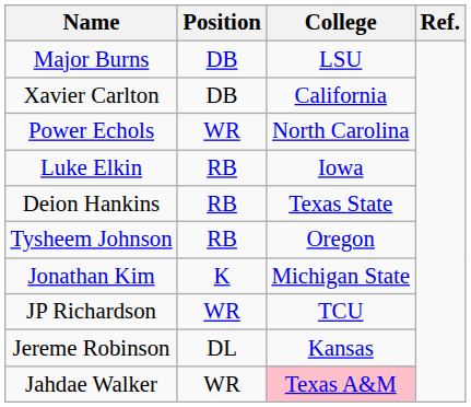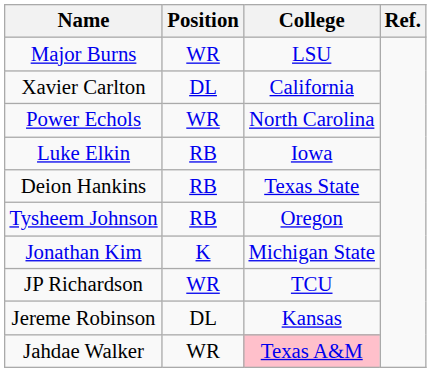 <table class="wikitable" style="text-align:center">
 <tr>
 <th>Name</th>
 <th>Position</th>
 <th>College</th>
 <th>Ref.</th>
 </tr>
 <tr>
 <td><a href='#'>Major Burns</a></td>
-<td><a href='#'>DB</a></td>
+<td><a href='#'>WR</a></td>
 <td><a href='#'>LSU</a></td>
 <td rowspan="10" style="text-align:center"></td>
 </tr>
 <tr>
 <td>Xavier Carlton</td>
-<td>DB</td>
+<td><a href='#'>DL</a></td>
 <td><a href='#'>California</a></td>
 </tr>
 <tr>
 <td><a href='#'>Power Echols</a></td>
 <td><a href='#'>WR</a></td>
 <td><a href='#'>North Carolina</a></td>
 </tr>
 <tr>
 <td><a href='#'>Luke Elkin</a></td>
 <td><a href='#'>RB</a></td>
 <td><a href='#'>Iowa</a></td>
 </tr>
 <tr>
 <td>Deion Hankins</td>
 <td><a href='#'>RB</a></td>
 <td><a href='#'>Texas State</a></td>
 </tr>
 <tr>
 <td><a href='#'>Tysheem Johnson</a></td>
 <td><a href='#'>RB</a></td>
 <td><a href='#'>Oregon</a></td>
 </tr>
 <tr>
 <td><a href='#'>Jonathan Kim</a></td>
 <td><a href='#'>K</a></td>
 <td><a href='#'>Michigan State</a></td>
 </tr>
 <tr>
 <td>JP Richardson</td>
 <td><a href='#'>WR</a></td>
 <td><a href='#'>TCU</a></td>
 </tr>
 <tr>
 <td>Jereme Robinson</td>
 <td>DL</td>
 <td><a href='#'>Kansas</a></td>
 </tr>
 <tr>
 <td>Jahdae Walker</td>
 <td>WR</td>
 <td style="background: pink;"><a href='#'>Texas A&M</a></td>
 </tr>
 </table>
